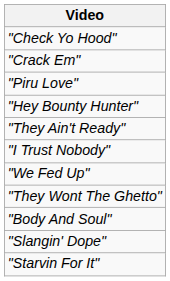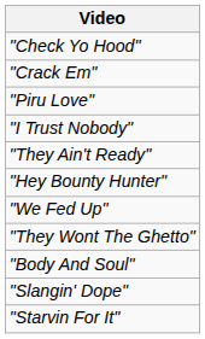 <table class="wikitable">
 <tr>
 <th>Video</th>
 </tr>
 <tr>
 <td><em>"Check Yo Hood"</em></td>
 </tr>
 <tr>
 <td><em>"Crack Em"</em></td>
 </tr>
 <tr>
 <td><em>"Piru Love"</em></td>
 </tr>
 <tr>
-<td><em>"Hey Bounty Hunter"</em></td>
+<td><em>"I Trust Nobody"</em></td>
 </tr>
 <tr>
 <td><em>"They Ain't Ready"</em></td>
 </tr>
 <tr>
-<td><em>"I Trust Nobody"</em></td>
+<td><em>"Hey Bounty Hunter"</em></td>
 </tr>
 <tr>
 <td><em>"We Fed Up"</em></td>
 </tr>
 <tr>
 <td><em>"They Wont The Ghetto"</em></td>
 </tr>
 <tr>
 <td><em>"Body And Soul"</em></td>
 </tr>
 <tr>
 <td><em>"Slangin' Dope"</em></td>
 </tr>
 <tr>
 <td><em>"Starvin For It"</em></td>
 </tr>
 </table>
